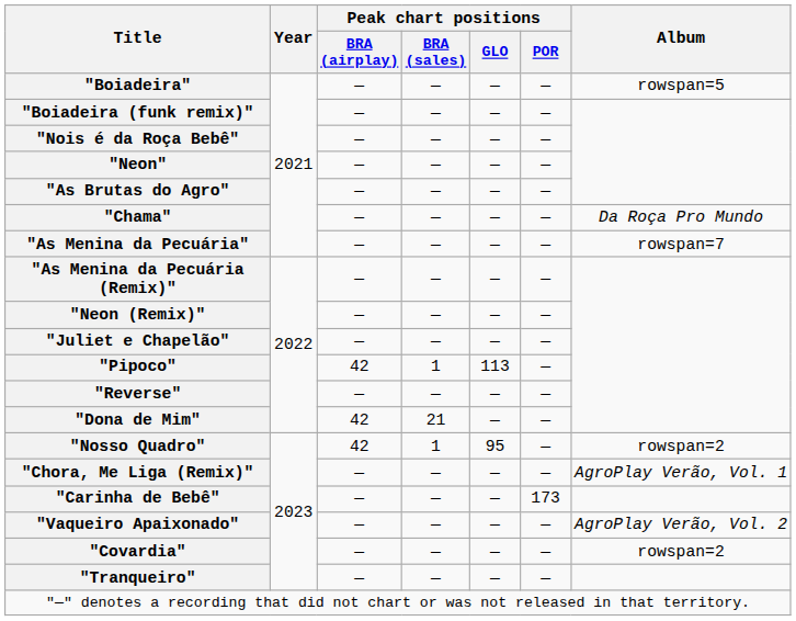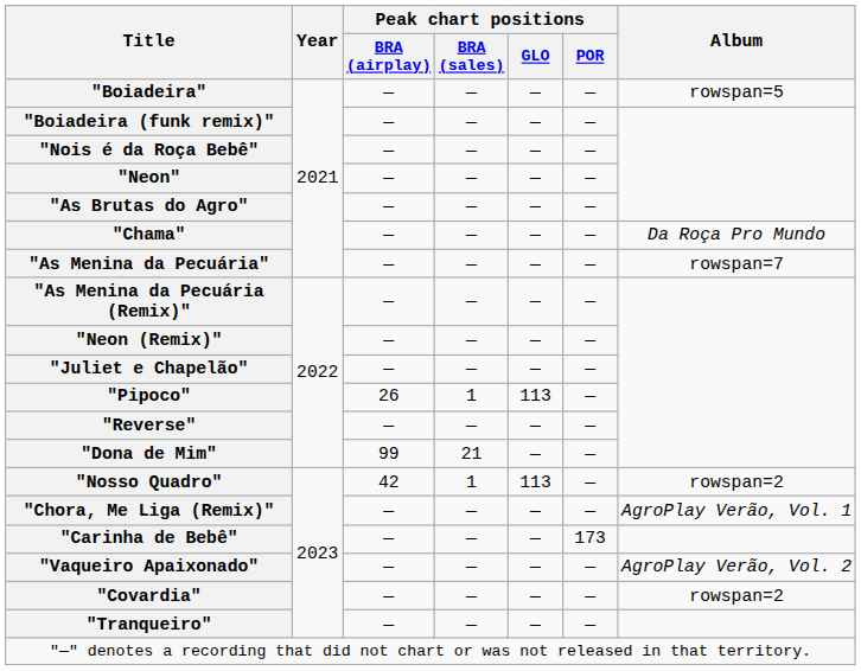 <table class="wikitable plainrowheaders" style="text-align:center;">
 <tr>
 <th scope="col" rowspan="2" style="width:16em;">Title</th>
 <th scope="col" rowspan="2">Year</th>
 <th scope="col" colspan="4">Peak chart positions</th>
 <th scope="col" rowspan="2">Album</th>
 </tr>
 <tr>
 <th scope="col" style="width:3em;font-size:90%;"><a href='#'>BRA<br> (airplay)</a><br></th>
 <th scope="col" style="width:3em;font-size:90%;"><a href='#'>BRA<br> (sales)</a><br></th>
 <th scope="col" style="width:3em;font-size:90%;"><a href='#'>GLO</a><br></th>
 <th scope="col" style="width:3em;font-size:90%;"><a href='#'>POR</a><br></th>
 </tr>
 <tr>
 <th scope="row" align="left">"Boiadeira"</th>
 <td rowspan="7">2021</td>
 <td>—</td>
 <td>—</td>
 <td>—</td>
 <td>—</td>
 <td>rowspan=5 </td>
 </tr>
 <tr>
 <th scope="row" align="left">"Boiadeira (funk remix)"<br></th>
 <td>—</td>
 <td>—</td>
 <td>—</td>
 <td>—</td>
 </tr>
 <tr>
 <th scope="row" align="left">"Nois é da Roça Bebê"</th>
 <td>—</td>
 <td>—</td>
 <td>—</td>
 <td>—</td>
 </tr>
 <tr>
 <th scope="row" align="left">"Neon"</th>
 <td>—</td>
 <td>—</td>
 <td>—</td>
 <td>—</td>
 </tr>
 <tr>
 <th scope="row" align="left">"As Brutas do Agro"<br></th>
 <td>—</td>
 <td>—</td>
 <td>—</td>
 <td>—</td>
 </tr>
 <tr>
 <th scope="row" align="left">"Chama"<br></th>
 <td>—</td>
 <td>—</td>
 <td>—</td>
 <td>—</td>
 <td><em>Da Roça Pro Mundo</em></td>
 </tr>
 <tr>
 <th scope="row" align="left">"As Menina da Pecuária"<br></th>
 <td>—</td>
 <td>—</td>
 <td>—</td>
 <td>—</td>
 <td>rowspan=7 </td>
 </tr>
 <tr>
 <th scope="row" align="left">"As Menina da Pecuária (Remix)"<br></th>
 <td rowspan="6">2022</td>
 <td>—</td>
 <td>—</td>
 <td>—</td>
 <td>—</td>
 </tr>
 <tr>
 <th scope="row" align="left">"Neon (Remix)"<br></th>
 <td>—</td>
 <td>—</td>
 <td>—</td>
 <td>—</td>
 </tr>
 <tr>
 <th scope="row" align="left">"Juliet e Chapelão"<br></th>
 <td>—</td>
 <td>—</td>
 <td>—</td>
 <td>—</td>
 </tr>
 <tr>
 <th scope="row" align="left">"Pipoco"<br></th>
-<td>42</td>
+<td>26</td>
 <td>1</td>
 <td>113</td>
 <td>—</td>
 </tr>
 <tr>
 <th scope="row" align="left">"Reverse"<br></th>
 <td>—</td>
 <td>—</td>
 <td>—</td>
 <td>—</td>
 </tr>
 <tr>
 <th scope="row" align="left">"Dona de Mim"</th>
-<td>42</td>
+<td>99</td>
 <td>21</td>
 <td>—</td>
 <td>—</td>
 </tr>
 <tr>
 <th scope="row" align="left">"Nosso Quadro"</th>
 <td rowspan="6">2023</td>
 <td>42</td>
 <td>1</td>
-<td>95</td>
+<td>113</td>
 <td>—</td>
 <td>rowspan=2 </td>
 </tr>
 <tr>
 <th scope="row" align="left">"Chora, Me Liga (Remix)"<br></th>
 <td>—</td>
 <td>—</td>
 <td>—</td>
 <td>—</td>
 <td><em>AgroPlay Verão, Vol. 1</em></td>
 </tr>
 <tr>
 <th scope="row" align="left">"Carinha de Bebê"<br></th>
 <td>—</td>
 <td>—</td>
 <td>—</td>
 <td>173</td>
 </tr>
 <tr>
 <th scope="row" align="left">"Vaqueiro Apaixonado"<br></th>
 <td>—</td>
 <td>—</td>
 <td>—</td>
 <td>—</td>
 <td><em>AgroPlay Verão, Vol. 2</em></td>
 </tr>
 <tr>
 <th scope="row" align="left">"Covardia"<br></th>
 <td>—</td>
 <td>—</td>
 <td>—</td>
 <td>—</td>
 <td>rowspan=2 </td>
 </tr>
 <tr>
 <th scope="row" align="left">"Tranqueiro"</th>
 <td>—</td>
 <td>—</td>
 <td>—</td>
 <td>—</td>
 </tr>
 <tr>
 <td colspan="7" style="font-size:90%">"—" denotes a recording that did not chart or was not released in that territory.</td>
 </tr>
 </table>
